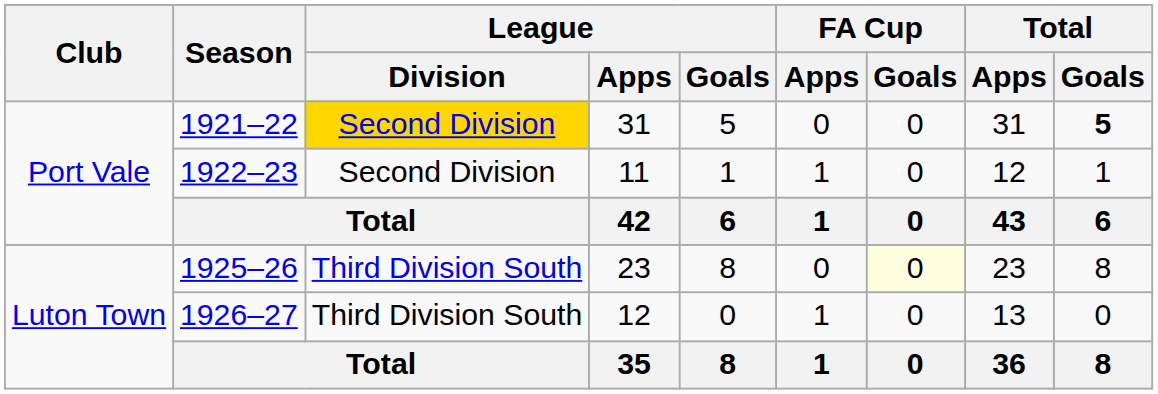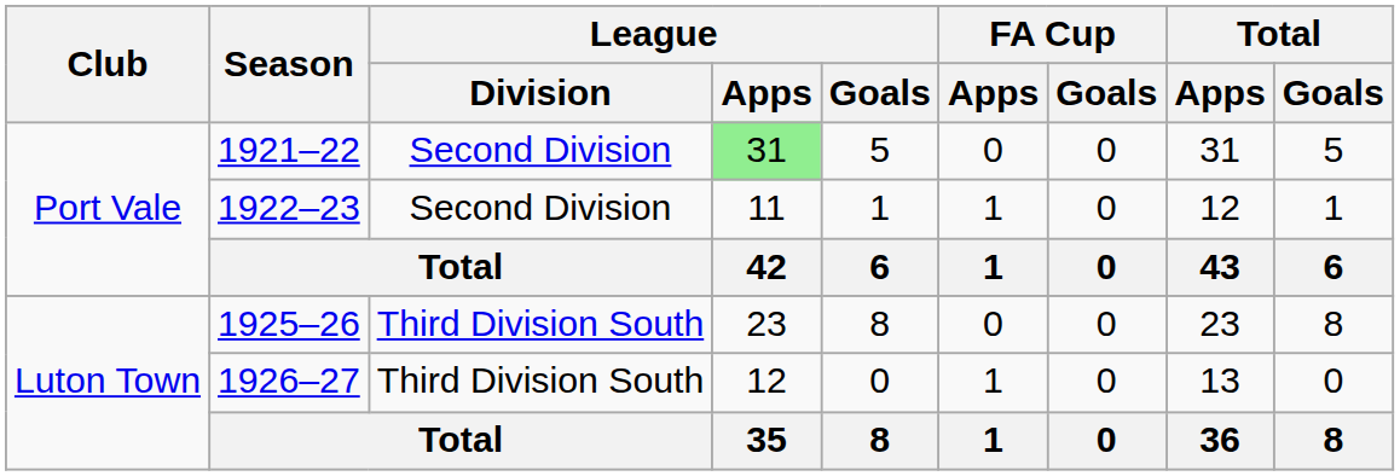 <table class="wikitable" style="text-align: center;">
 <tr>
 <th rowspan="2">Club</th>
 <th rowspan="2">Season</th>
 <th colspan="3">League</th>
 <th colspan="2">FA Cup</th>
 <th colspan="2">Total</th>
 </tr>
 <tr>
 <th>Division</th>
 <th>Apps</th>
 <th>Goals</th>
 <th>Apps</th>
 <th>Goals</th>
 <th>Apps</th>
 <th>Goals</th>
 </tr>
 <tr>
 <td rowspan="3"><a href='#'>Port Vale</a></td>
 <td><a href='#'>1921–22</a></td>
-<td style="background: gold;"><a href='#'>Second Division</a></td>
-<td>31</td>
+<td><a href='#'>Second Division</a></td>
+<td style="background: lightgreen;">31</td>
 <td>5</td>
 <td>0</td>
 <td>0</td>
 <td>31</td>
-<td><strong>5</strong></td>
+<td>5</td>
 </tr>
 <tr>
 <td><a href='#'>1922–23</a></td>
 <td>Second Division</td>
 <td>11</td>
 <td>1</td>
 <td>1</td>
 <td>0</td>
 <td>12</td>
 <td>1</td>
 </tr>
 <tr>
 <th colspan="2">Total</th>
 <th>42</th>
 <th>6</th>
 <th>1</th>
 <th>0</th>
 <th>43</th>
 <th>6</th>
 </tr>
 <tr>
 <td rowspan="3"><a href='#'>Luton Town</a></td>
 <td><a href='#'>1925–26</a></td>
 <td><a href='#'>Third Division South</a></td>
 <td>23</td>
 <td>8</td>
 <td>0</td>
-<td style="background: lightyellow;">0</td>
+<td>0</td>
 <td>23</td>
 <td>8</td>
 </tr>
 <tr>
 <td><a href='#'>1926–27</a></td>
 <td>Third Division South</td>
 <td>12</td>
 <td>0</td>
 <td>1</td>
 <td>0</td>
 <td>13</td>
 <td>0</td>
 </tr>
 <tr>
 <th colspan="2">Total</th>
 <th>35</th>
 <th>8</th>
 <th>1</th>
 <th>0</th>
 <th>36</th>
 <th>8</th>
 </tr>
 </table>
